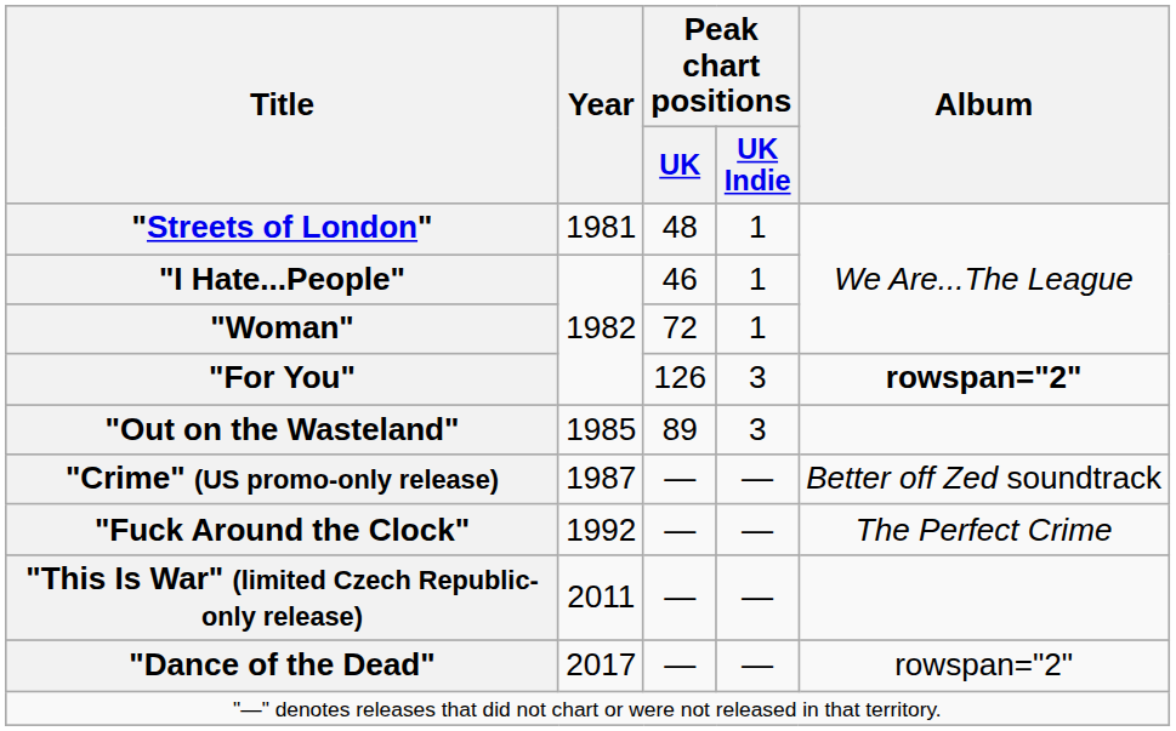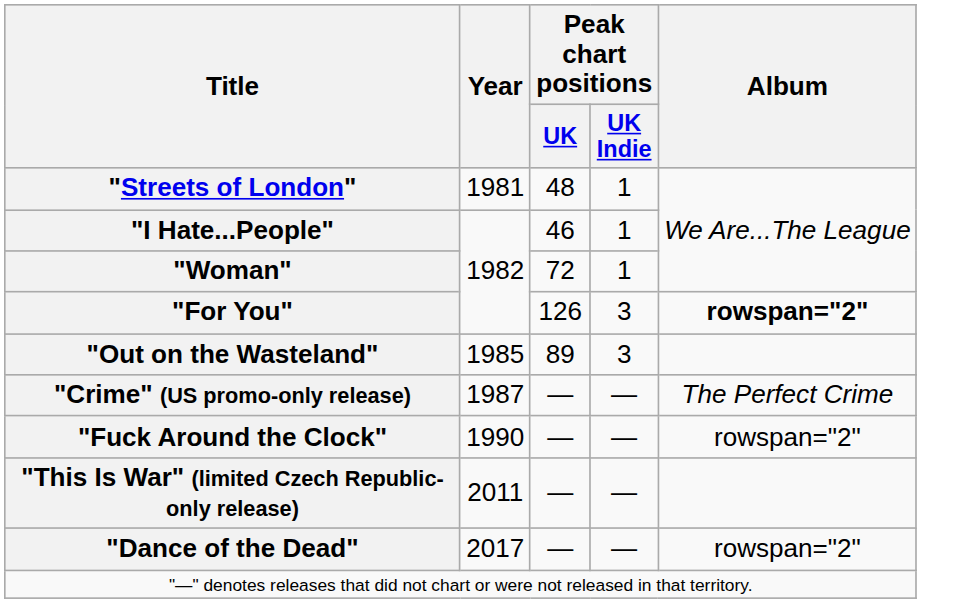 <table class="wikitable plainrowheaders" style="text-align:center;">
 <tr>
 <th rowspan="2" scope="col" style="width:17em;">Title</th>
 <th rowspan="2" scope="col" style="width:2em;">Year</th>
 <th colspan="2">Peak chart positions</th>
 <th rowspan="2">Album</th>
 </tr>
 <tr>
 <th scope="col" style="width:2em;font-size:90%;"><a href='#'>UK</a><br></th>
 <th scope="col" style="width:2em;font-size:90%;"><a href='#'>UK Indie</a><br></th>
 </tr>
 <tr>
 <th scope="row">"<a href='#'>Streets of London</a>"</th>
 <td>1981</td>
 <td>48</td>
 <td>1</td>
 <td rowspan="3"><em>We Are...The League</em></td>
 </tr>
 <tr>
 <th scope="row">"I Hate...People"</th>
 <td rowspan="3">1982</td>
 <td>46</td>
 <td>1</td>
 </tr>
 <tr>
 <th scope="row">"Woman"</th>
 <td>72</td>
 <td>1</td>
 </tr>
 <tr>
 <th scope="row">"For You"</th>
 <td>126</td>
 <td>3</td>
 <td><strong>rowspan="2" </strong></td>
 </tr>
 <tr>
 <th scope="row">"Out on the Wasteland"</th>
 <td>1985</td>
 <td>89</td>
 <td>3</td>
 </tr>
 <tr>
 <th scope="row">"Crime" <small>(US promo-only release)</small></th>
 <td>1987</td>
 <td>—</td>
 <td>—</td>
-<td><em>Better off Zed</em> soundtrack</td>
+<td><em>The Perfect Crime</em></td>
 </tr>
 <tr>
 <th scope="row">"Fuck Around the Clock"</th>
-<td>1992</td>
+<td>1990</td>
 <td>—</td>
 <td>—</td>
-<td><em>The Perfect Crime</em></td>
+<td>rowspan="2" </td>
 </tr>
 <tr>
 <th scope="row">"This Is War" <small>(limited Czech Republic-only release)</small></th>
 <td>2011</td>
 <td>—</td>
 <td>—</td>
 </tr>
 <tr>
 <th scope="row">"Dance of the Dead"</th>
 <td>2017</td>
 <td>—</td>
 <td>—</td>
 <td>rowspan="2" </td>
 </tr>
 <tr>
 <td colspan="5" style="font-size:8pt">"—" denotes releases that did not chart or were not released in that territory.</td>
 </tr>
 </table>
